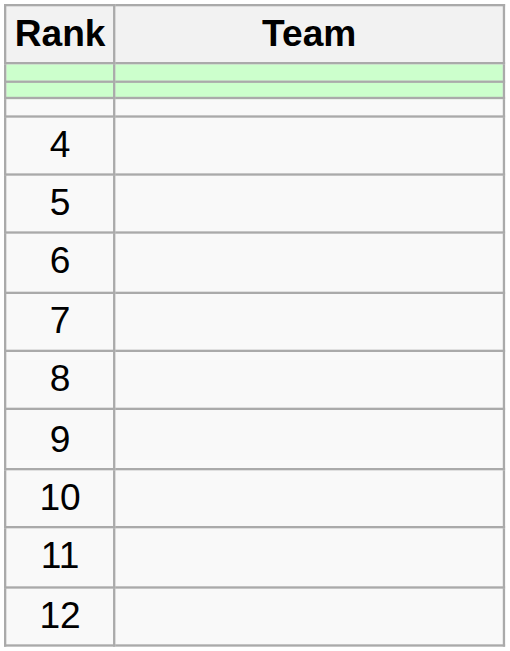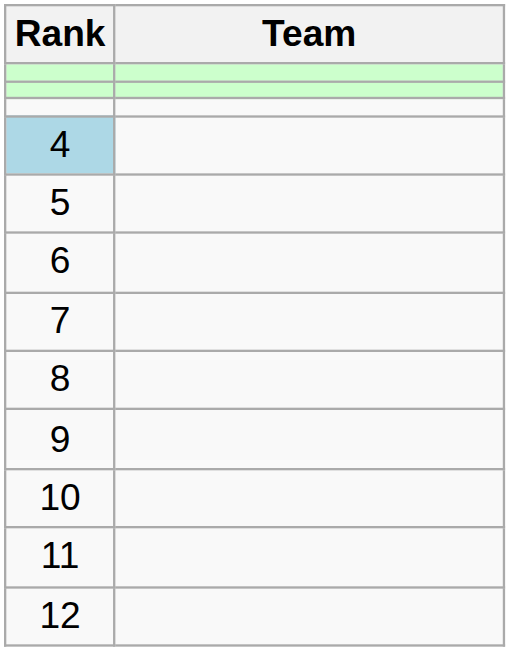 <table class="wikitable" style="text-align: center;">
 <tr>
 <th width=40>Rank</th>
 <th width=160>Team</th>
 </tr>
 <tr bgcolor=#ccffcc>
 <td></td>
 <td align=left></td>
 </tr>
 <tr bgcolor=#ccffcc>
 <td></td>
 <td align=left></td>
 </tr>
 <tr>
 <td></td>
 <td align=left></td>
 </tr>
 <tr>
-<td>4</td>
+<td style="background: lightblue;">4</td>
 <td align=left></td>
 </tr>
 <tr>
 <td>5</td>
 <td align=left></td>
 </tr>
 <tr>
 <td>6</td>
 <td align=left></td>
 </tr>
 <tr>
 <td>7</td>
 <td align=left></td>
 </tr>
 <tr>
 <td>8</td>
 <td align=left></td>
 </tr>
 <tr>
 <td>9</td>
 <td align=left></td>
 </tr>
 <tr>
 <td>10</td>
 <td align=left></td>
 </tr>
 <tr>
 <td>11</td>
 <td align=left></td>
 </tr>
 <tr>
 <td>12</td>
 <td align=left></td>
 </tr>
 </table>
